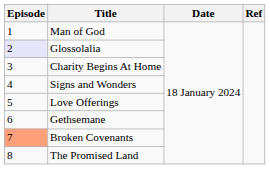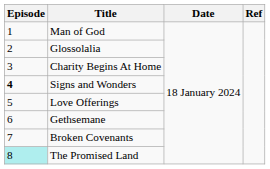 <table class="wikitable">
 <tr>
 <th>Episode</th>
 <th>Title</th>
 <th>Date</th>
 <th>Ref</th>
 </tr>
 <tr>
 <td>1</td>
 <td>Man of God</td>
 <td rowspan="8">18 January 2024</td>
 <td rowspan="8"></td>
 </tr>
 <tr>
-<td style="background: lavender;">2</td>
+<td>2</td>
 <td>Glossolalia</td>
 </tr>
 <tr>
 <td>3</td>
 <td>Charity Begins At Home</td>
 </tr>
 <tr>
-<td>4</td>
+<td><strong>4</strong></td>
 <td>Signs and Wonders</td>
 </tr>
 <tr>
 <td>5</td>
 <td>Love Offerings</td>
 </tr>
 <tr>
 <td>6</td>
 <td>Gethsemane</td>
 </tr>
 <tr>
-<td style="background: lightsalmon;">7</td>
+<td>7</td>
 <td>Broken Covenants</td>
 </tr>
 <tr>
-<td>8</td>
+<td style="background: paleturquoise;">8</td>
 <td>The Promised Land</td>
 </tr>
 </table>
